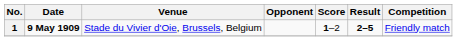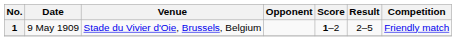 <table class="wikitable sortable plainrowheaders">
 <tr>
 <th scope=col>No.</th>
 <th scope=col>Date</th>
 <th scope=col>Venue</th>
 <th scope=col>Opponent</th>
 <th scope=col>Score</th>
 <th scope=col>Result</th>
 <th scope=col>Competition</th>
 </tr>
 <tr>
 <th scope=row style=text-align:center>1</th>
-<td><strong>9 May 1909</strong></td>
+<td>9 May 1909</td>
 <td><a href='#'>Stade du Vivier d'Oie</a>, <a href='#'>Brussels</a>, Belgium</td>
 <td></td>
 <td align=center><strong>1</strong>–2</td>
-<td align=center><strong>2–5</strong></td>
+<td align=center>2–5</td>
 <td><a href='#'>Friendly match</a></td>
 </tr>
 <tr>
 </tr>
 </table>
